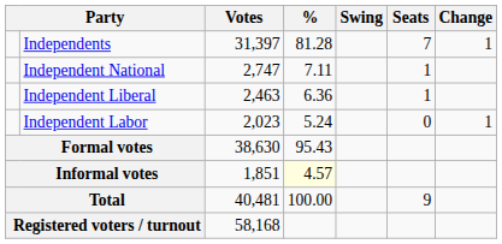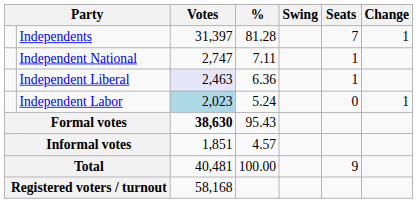 <table class="wikitable" style="text-align:right; margin-bottom:0">
 <tr>
 <th style="width:10px" colspan=3>Party</th>
 <th style="width:70px;">Votes</th>
 <th style="width:40px;">%</th>
 <th style="width:40px;">Swing</th>
 <th style="width:40px;">Seats</th>
 <th style="width:40px;">Change</th>
 </tr>
 <tr>
 <td> </td>
 <td style="text-align:left;" colspan="2"><a href='#'>Independents</a></td>
 <td>31,397</td>
 <td>81.28</td>
 <td></td>
 <td>7</td>
 <td> 1</td>
 </tr>
 <tr>
 <td> </td>
 <td style="text-align:left;" colspan="2"><a href='#'>Independent National</a></td>
 <td>2,747</td>
 <td>7.11</td>
 <td></td>
 <td>1</td>
 <td></td>
 </tr>
 <tr>
 <td> </td>
 <td style="text-align:left;" colspan="2"><a href='#'>Independent Liberal</a></td>
-<td>2,463</td>
+<td style="background: lavender;">2,463</td>
 <td>6.36</td>
 <td></td>
 <td>1</td>
 <td></td>
 </tr>
 <tr>
 <td> </td>
 <td style="text-align:left;" colspan="2"><a href='#'>Independent Labor</a></td>
-<td>2,023</td>
+<td style="background: lightblue;">2,023</td>
 <td>5.24</td>
 <td></td>
 <td>0</td>
 <td> 1</td>
 </tr>
 <tr>
 <th colspan="3" rowspan="1"> Formal votes</th>
-<td>38,630</td>
+<td><strong>38,630</strong></td>
 <td>95.43</td>
 <td></td>
 <td></td>
 <td></td>
 </tr>
 <tr>
 <th colspan="3" rowspan="1"> Informal votes</th>
 <td>1,851</td>
-<td style="background: lightyellow;">4.57</td>
+<td>4.57</td>
 <td></td>
 <td></td>
 <td></td>
 </tr>
 <tr>
 <th colspan="3" rowspan="1"> Total</th>
 <td>40,481</td>
 <td>100.00</td>
 <td></td>
 <td>9</td>
 <td></td>
 </tr>
 <tr>
 <th colspan="3" rowspan="1"> Registered voters / turnout</th>
 <td>58,168</td>
 <td></td>
 <td></td>
 <td></td>
 <td></td>
 </tr>
 </table>
